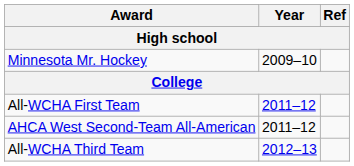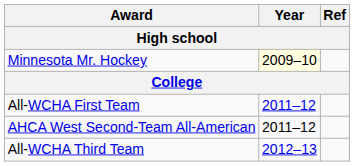 <table class="wikitable">
 <tr>
 <th>Award</th>
 <th>Year</th>
 <th>Ref</th>
 </tr>
 <tr>
 <th colspan="3">High school</th>
 </tr>
 <tr>
 <td><a href='#'>Minnesota Mr. Hockey</a></td>
-<td>2009–10</td>
+<td style="background: lightyellow;">2009–10</td>
 <td></td>
 </tr>
 <tr>
 <th colspan="3"><a href='#'>College</a></th>
 </tr>
 <tr>
 <td>All-<a href='#'>WCHA First Team</a></td>
 <td><a href='#'>2011–12</a></td>
 <td></td>
 </tr>
 <tr>
 <td><a href='#'>AHCA West Second-Team All-American</a></td>
 <td>2011–12</td>
 <td></td>
 </tr>
 <tr>
 <td>All-<a href='#'>WCHA Third Team</a></td>
 <td><a href='#'>2012–13</a></td>
 <td></td>
 </tr>
 </table>
